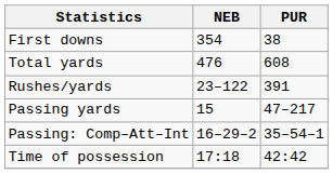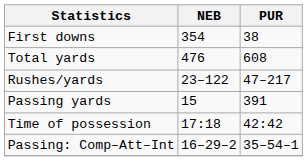 <table class="wikitable" style="float: left;">
 <tr>
 <th>Statistics</th>
 <th>NEB</th>
 <th>PUR</th>
 </tr>
 <tr>
 <td>First downs</td>
 <td>354</td>
 <td>38</td>
 </tr>
 <tr>
 <td>Total yards</td>
 <td>476</td>
 <td>608</td>
 </tr>
 <tr>
 <td>Rushes/yards</td>
 <td>23–122</td>
-<td>391</td>
+<td>47–217</td>
 </tr>
 <tr>
 <td>Passing yards</td>
 <td>15</td>
-<td>47–217</td>
+<td>391</td>
+</tr>
+<tr>
+<td>Time of possession</td>
+<td>17:18</td>
+<td>42:42</td>
 </tr>
 <tr>
 <td>Passing: Comp–Att–Int</td>
 <td>16–29–2</td>
 <td>35–54–1</td>
 </tr>
 <tr>
-<td>Time of possession</td>
-<td>17:18</td>
-<td>42:42</td>
-</tr>
-<tr>
 </tr>
 </table>
